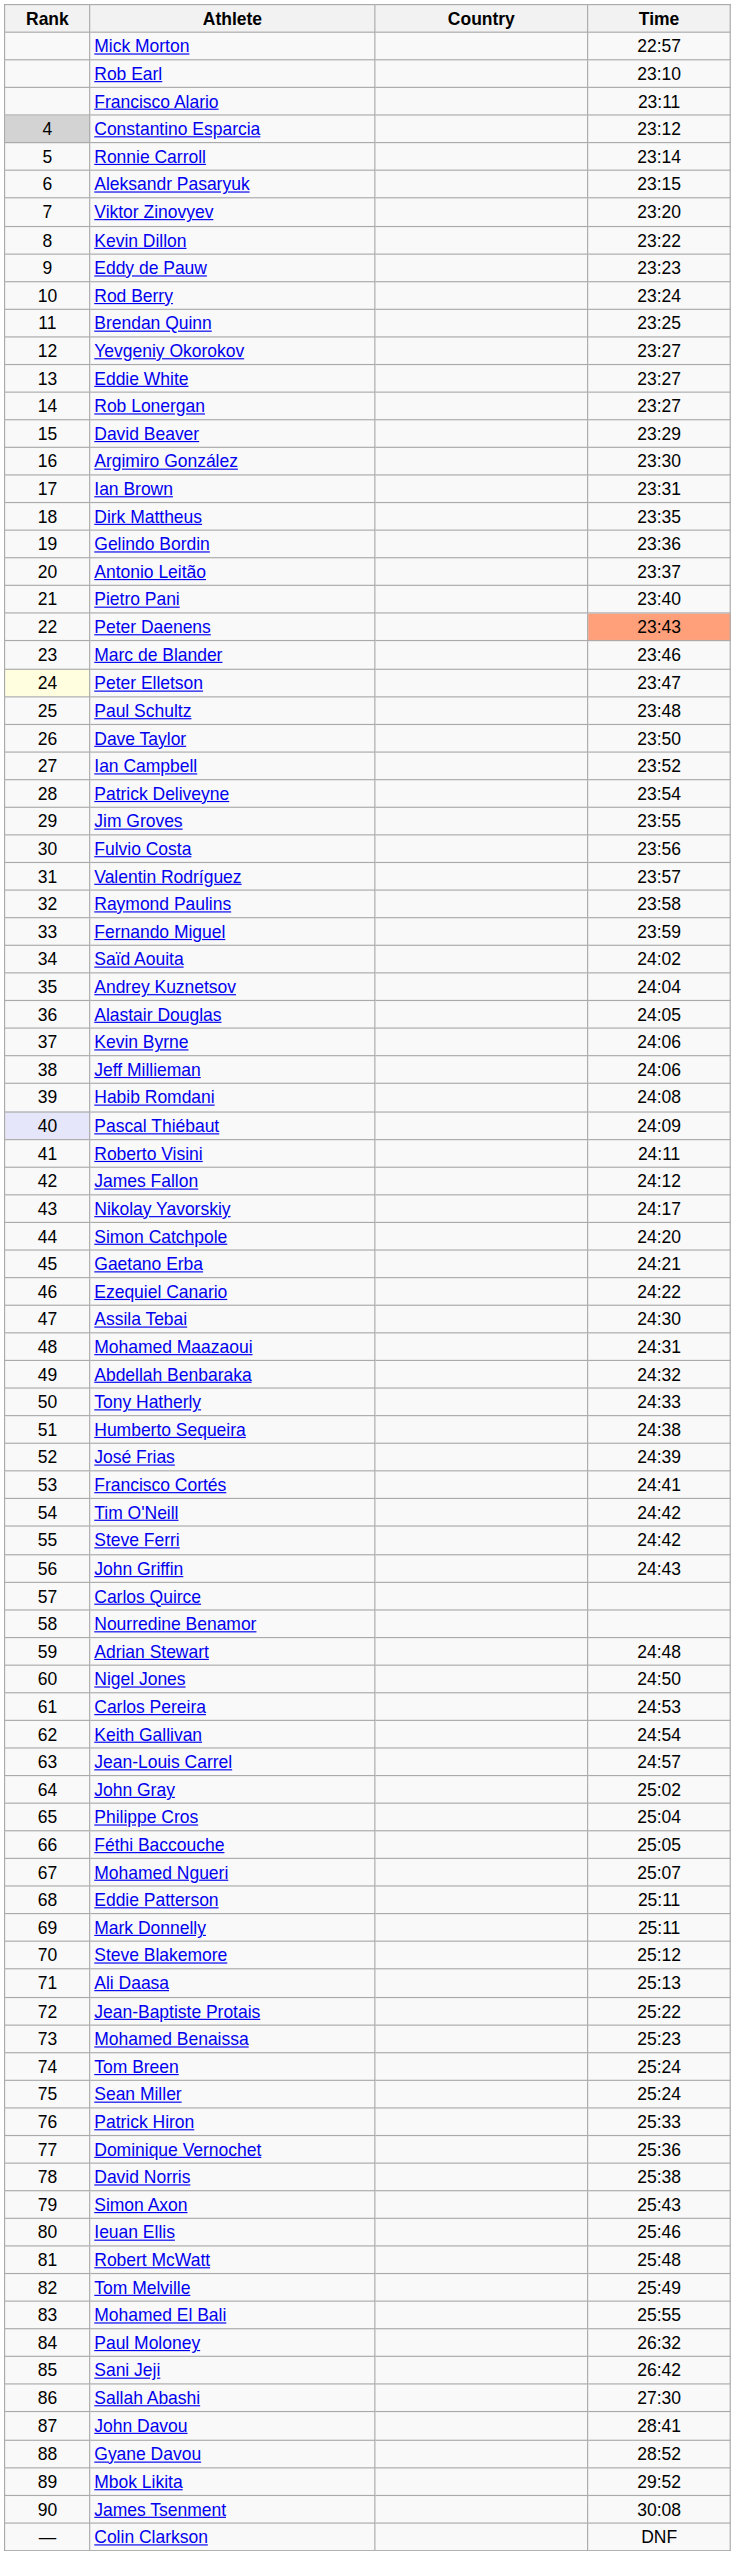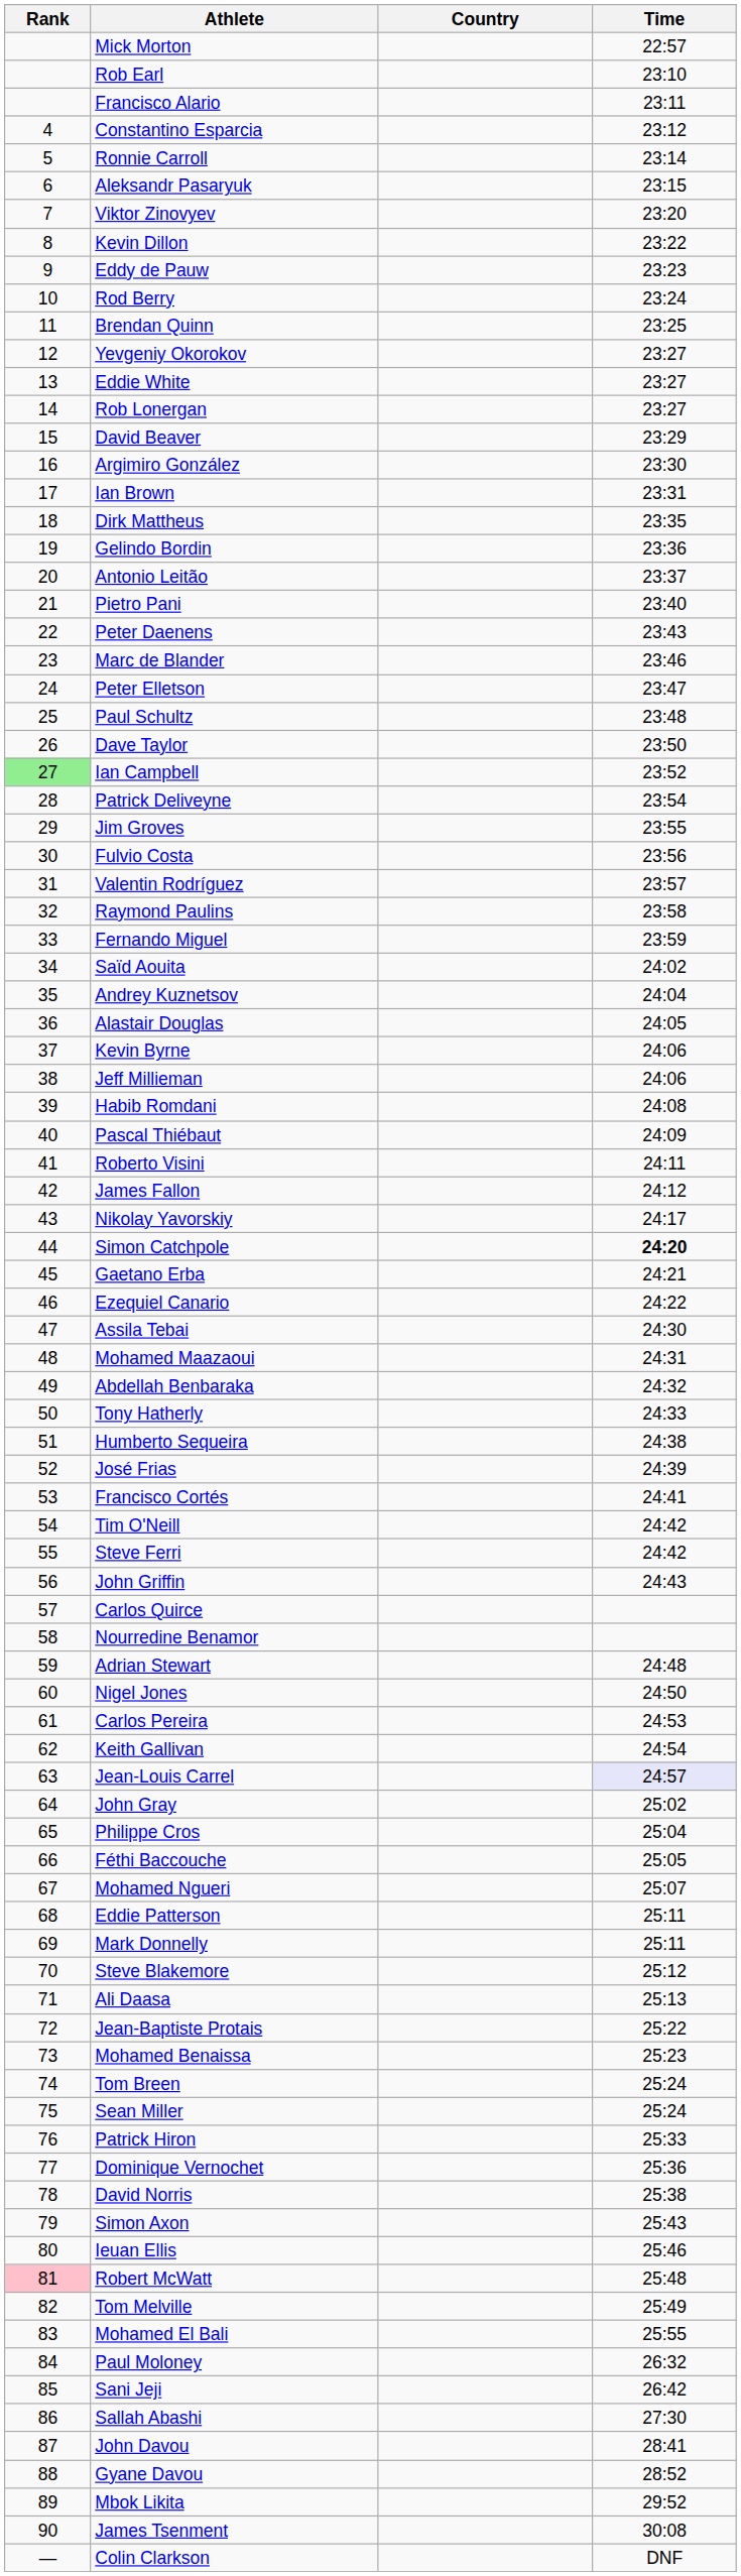 <table class="wikitable sortable" style=" text-align:center; font-size:95%;" width="50%">
 <tr>
 <th width=5%>Rank</th>
 <th width=20%>Athlete</th>
 <th width=15%>Country</th>
 <th width=10%>Time</th>
 </tr>
 <tr>
 <td align=center></td>
 <td align=left><a href='#'>Mick Morton</a></td>
 <td align=left></td>
 <td>22:57</td>
 </tr>
 <tr>
 <td align=center></td>
 <td align=left><a href='#'>Rob Earl</a></td>
 <td align=left></td>
 <td>23:10</td>
 </tr>
 <tr>
 <td align=center></td>
 <td align=left><a href='#'>Francisco Alario</a></td>
 <td align=left></td>
 <td>23:11</td>
 </tr>
 <tr>
-<td align=center style="background: lightgrey;">4</td>
+<td align=center>4</td>
 <td align=left><a href='#'>Constantino Esparcia</a></td>
 <td align=left></td>
 <td>23:12</td>
 </tr>
 <tr>
 <td align=center>5</td>
 <td align=left><a href='#'>Ronnie Carroll</a></td>
 <td align=left></td>
 <td>23:14</td>
 </tr>
 <tr>
 <td align=center>6</td>
 <td align=left><a href='#'>Aleksandr Pasaryuk</a></td>
 <td align=left></td>
 <td>23:15</td>
 </tr>
 <tr>
 <td align=center>7</td>
 <td align=left><a href='#'>Viktor Zinovyev</a></td>
 <td align=left></td>
 <td>23:20</td>
 </tr>
 <tr>
 <td align=center>8</td>
 <td align=left><a href='#'>Kevin Dillon</a></td>
 <td align=left></td>
 <td>23:22</td>
 </tr>
 <tr>
 <td align=center>9</td>
 <td align=left><a href='#'>Eddy de Pauw</a></td>
 <td align=left></td>
 <td>23:23</td>
 </tr>
 <tr>
 <td align=center>10</td>
 <td align=left><a href='#'>Rod Berry</a></td>
 <td align=left></td>
 <td>23:24</td>
 </tr>
 <tr>
 <td align=center>11</td>
 <td align=left><a href='#'>Brendan Quinn</a></td>
 <td align=left></td>
 <td>23:25</td>
 </tr>
 <tr>
 <td align=center>12</td>
 <td align=left><a href='#'>Yevgeniy Okorokov</a></td>
 <td align=left></td>
 <td>23:27</td>
 </tr>
 <tr>
 <td align=center>13</td>
 <td align=left><a href='#'>Eddie White</a></td>
 <td align=left></td>
 <td>23:27</td>
 </tr>
 <tr>
 <td align=center>14</td>
 <td align=left><a href='#'>Rob Lonergan</a></td>
 <td align=left></td>
 <td>23:27</td>
 </tr>
 <tr>
 <td align=center>15</td>
 <td align=left><a href='#'>David Beaver</a></td>
 <td align=left></td>
 <td>23:29</td>
 </tr>
 <tr>
 <td align=center>16</td>
 <td align=left><a href='#'>Argimiro González</a></td>
 <td align=left></td>
 <td>23:30</td>
 </tr>
 <tr>
 <td align=center>17</td>
 <td align=left><a href='#'>Ian Brown</a></td>
 <td align=left></td>
 <td>23:31</td>
 </tr>
 <tr>
 <td align=center>18</td>
 <td align=left><a href='#'>Dirk Mattheus</a></td>
 <td align=left></td>
 <td>23:35</td>
 </tr>
 <tr>
 <td align=center>19</td>
 <td align=left><a href='#'>Gelindo Bordin</a></td>
 <td align=left></td>
 <td>23:36</td>
 </tr>
 <tr>
 <td align=center>20</td>
 <td align=left><a href='#'>Antonio Leitão</a></td>
 <td align=left></td>
 <td>23:37</td>
 </tr>
 <tr>
 <td align=center>21</td>
 <td align=left><a href='#'>Pietro Pani</a></td>
 <td align=left></td>
 <td>23:40</td>
 </tr>
 <tr>
 <td align=center>22</td>
 <td align=left><a href='#'>Peter Daenens</a></td>
 <td align=left></td>
-<td style="background: lightsalmon;">23:43</td>
+<td>23:43</td>
 </tr>
 <tr>
 <td align=center>23</td>
 <td align=left><a href='#'>Marc de Blander</a></td>
 <td align=left></td>
 <td>23:46</td>
 </tr>
 <tr>
-<td align=center style="background: lightyellow;">24</td>
+<td align=center>24</td>
 <td align=left><a href='#'>Peter Elletson</a></td>
 <td align=left></td>
 <td>23:47</td>
 </tr>
 <tr>
 <td align=center>25</td>
 <td align=left><a href='#'>Paul Schultz</a></td>
 <td align=left></td>
 <td>23:48</td>
 </tr>
 <tr>
 <td align=center>26</td>
 <td align=left><a href='#'>Dave Taylor</a></td>
 <td align=left></td>
 <td>23:50</td>
 </tr>
 <tr>
-<td align=center>27</td>
+<td align=center style="background: lightgreen;">27</td>
 <td align=left><a href='#'>Ian Campbell</a></td>
 <td align=left></td>
 <td>23:52</td>
 </tr>
 <tr>
 <td align=center>28</td>
 <td align=left><a href='#'>Patrick Deliveyne</a></td>
 <td align=left></td>
 <td>23:54</td>
 </tr>
 <tr>
 <td align=center>29</td>
 <td align=left><a href='#'>Jim Groves</a></td>
 <td align=left></td>
 <td>23:55</td>
 </tr>
 <tr>
 <td align=center>30</td>
 <td align=left><a href='#'>Fulvio Costa</a></td>
 <td align=left></td>
 <td>23:56</td>
 </tr>
 <tr>
 <td align=center>31</td>
 <td align=left><a href='#'>Valentin Rodríguez</a></td>
 <td align=left></td>
 <td>23:57</td>
 </tr>
 <tr>
 <td align=center>32</td>
 <td align=left><a href='#'>Raymond Paulins</a></td>
 <td align=left></td>
 <td>23:58</td>
 </tr>
 <tr>
 <td align=center>33</td>
 <td align=left><a href='#'>Fernando Miguel</a></td>
 <td align=left></td>
 <td>23:59</td>
 </tr>
 <tr>
 <td align=center>34</td>
 <td align=left><a href='#'>Saïd Aouita</a></td>
 <td align=left></td>
 <td>24:02</td>
 </tr>
 <tr>
 <td align=center>35</td>
 <td align=left><a href='#'>Andrey Kuznetsov</a></td>
 <td align=left></td>
 <td>24:04</td>
 </tr>
 <tr>
 <td align=center>36</td>
 <td align=left><a href='#'>Alastair Douglas</a></td>
 <td align=left></td>
 <td>24:05</td>
 </tr>
 <tr>
 <td align=center>37</td>
 <td align=left><a href='#'>Kevin Byrne</a></td>
 <td align=left></td>
 <td>24:06</td>
 </tr>
 <tr>
 <td align=center>38</td>
 <td align=left><a href='#'>Jeff Millieman</a></td>
 <td align=left></td>
 <td>24:06</td>
 </tr>
 <tr>
 <td align=center>39</td>
 <td align=left><a href='#'>Habib Romdani</a></td>
 <td align=left></td>
 <td>24:08</td>
 </tr>
 <tr>
-<td align=center style="background: lavender;">40</td>
+<td align=center>40</td>
 <td align=left><a href='#'>Pascal Thiébaut</a></td>
 <td align=left></td>
 <td>24:09</td>
 </tr>
 <tr>
 <td align=center>41</td>
 <td align=left><a href='#'>Roberto Visini</a></td>
 <td align=left></td>
 <td>24:11</td>
 </tr>
 <tr>
 <td align=center>42</td>
 <td align=left><a href='#'>James Fallon</a></td>
 <td align=left></td>
 <td>24:12</td>
 </tr>
 <tr>
 <td align=center>43</td>
 <td align=left><a href='#'>Nikolay Yavorskiy</a></td>
 <td align=left></td>
 <td>24:17</td>
 </tr>
 <tr>
 <td align=center>44</td>
 <td align=left><a href='#'>Simon Catchpole</a></td>
 <td align=left></td>
-<td>24:20</td>
+<td><strong>24:20</strong></td>
 </tr>
 <tr>
 <td align=center>45</td>
 <td align=left><a href='#'>Gaetano Erba</a></td>
 <td align=left></td>
 <td>24:21</td>
 </tr>
 <tr>
 <td align=center>46</td>
 <td align=left><a href='#'>Ezequiel Canario</a></td>
 <td align=left></td>
 <td>24:22</td>
 </tr>
 <tr>
 <td align=center>47</td>
 <td align=left><a href='#'>Assila Tebai</a></td>
 <td align=left></td>
 <td>24:30</td>
 </tr>
 <tr>
 <td align=center>48</td>
 <td align=left><a href='#'>Mohamed Maazaoui</a></td>
 <td align=left></td>
 <td>24:31</td>
 </tr>
 <tr>
 <td align=center>49</td>
 <td align=left><a href='#'>Abdellah Benbaraka</a></td>
 <td align=left></td>
 <td>24:32</td>
 </tr>
 <tr>
 <td align=center>50</td>
 <td align=left><a href='#'>Tony Hatherly</a></td>
 <td align=left></td>
 <td>24:33</td>
 </tr>
 <tr>
 <td align=center>51</td>
 <td align=left><a href='#'>Humberto Sequeira</a></td>
 <td align=left></td>
 <td>24:38</td>
 </tr>
 <tr>
 <td align=center>52</td>
 <td align=left><a href='#'>José Frias</a></td>
 <td align=left></td>
 <td>24:39</td>
 </tr>
 <tr>
 <td align=center>53</td>
 <td align=left><a href='#'>Francisco Cortés</a></td>
 <td align=left></td>
 <td>24:41</td>
 </tr>
 <tr>
 <td align=center>54</td>
 <td align=left><a href='#'>Tim O'Neill</a></td>
 <td align=left></td>
 <td>24:42</td>
 </tr>
 <tr>
 <td align=center>55</td>
 <td align=left><a href='#'>Steve Ferri</a></td>
 <td align=left></td>
 <td>24:42</td>
 </tr>
 <tr>
 <td align=center>56</td>
 <td align=left><a href='#'>John Griffin</a></td>
 <td align=left></td>
 <td>24:43</td>
 </tr>
 <tr>
 <td align=center>57</td>
 <td align=left><a href='#'>Carlos Quirce</a></td>
 <td align=left></td>
 <td></td>
 </tr>
 <tr>
 <td align=center>58</td>
 <td align=left><a href='#'>Nourredine Benamor</a></td>
 <td align=left></td>
 <td></td>
 </tr>
 <tr>
 <td align=center>59</td>
 <td align=left><a href='#'>Adrian Stewart</a></td>
 <td align=left></td>
 <td>24:48</td>
 </tr>
 <tr>
 <td align=center>60</td>
 <td align=left><a href='#'>Nigel Jones</a></td>
 <td align=left></td>
 <td>24:50</td>
 </tr>
 <tr>
 <td align=center>61</td>
 <td align=left><a href='#'>Carlos Pereira</a></td>
 <td align=left></td>
 <td>24:53</td>
 </tr>
 <tr>
 <td align=center>62</td>
 <td align=left><a href='#'>Keith Gallivan</a></td>
 <td align=left></td>
 <td>24:54</td>
 </tr>
 <tr>
 <td align=center>63</td>
 <td align=left><a href='#'>Jean-Louis Carrel</a></td>
 <td align=left></td>
-<td>24:57</td>
+<td style="background: lavender;">24:57</td>
 </tr>
 <tr>
 <td align=center>64</td>
 <td align=left><a href='#'>John Gray</a></td>
 <td align=left></td>
 <td>25:02</td>
 </tr>
 <tr>
 <td align=center>65</td>
 <td align=left><a href='#'>Philippe Cros</a></td>
 <td align=left></td>
 <td>25:04</td>
 </tr>
 <tr>
 <td align=center>66</td>
 <td align=left><a href='#'>Féthi Baccouche</a></td>
 <td align=left></td>
 <td>25:05</td>
 </tr>
 <tr>
 <td align=center>67</td>
 <td align=left><a href='#'>Mohamed Ngueri</a></td>
 <td align=left></td>
 <td>25:07</td>
 </tr>
 <tr>
 <td align=center>68</td>
 <td align=left><a href='#'>Eddie Patterson</a></td>
 <td align=left></td>
 <td>25:11</td>
 </tr>
 <tr>
 <td align=center>69</td>
 <td align=left><a href='#'>Mark Donnelly</a></td>
 <td align=left></td>
 <td>25:11</td>
 </tr>
 <tr>
 <td align=center>70</td>
 <td align=left><a href='#'>Steve Blakemore</a></td>
 <td align=left></td>
 <td>25:12</td>
 </tr>
 <tr>
 <td align=center>71</td>
 <td align=left><a href='#'>Ali Daasa</a></td>
 <td align=left></td>
 <td>25:13</td>
 </tr>
 <tr>
 <td align=center>72</td>
 <td align=left><a href='#'>Jean-Baptiste Protais</a></td>
 <td align=left></td>
 <td>25:22</td>
 </tr>
 <tr>
 <td align=center>73</td>
 <td align=left><a href='#'>Mohamed Benaissa</a></td>
 <td align=left></td>
 <td>25:23</td>
 </tr>
 <tr>
 <td align=center>74</td>
 <td align=left><a href='#'>Tom Breen</a></td>
 <td align=left></td>
 <td>25:24</td>
 </tr>
 <tr>
 <td align=center>75</td>
 <td align=left><a href='#'>Sean Miller</a></td>
 <td align=left></td>
 <td>25:24</td>
 </tr>
 <tr>
 <td align=center>76</td>
 <td align=left><a href='#'>Patrick Hiron</a></td>
 <td align=left></td>
 <td>25:33</td>
 </tr>
 <tr>
 <td align=center>77</td>
 <td align=left><a href='#'>Dominique Vernochet</a></td>
 <td align=left></td>
 <td>25:36</td>
 </tr>
 <tr>
 <td align=center>78</td>
 <td align=left><a href='#'>David Norris</a></td>
 <td align=left></td>
 <td>25:38</td>
 </tr>
 <tr>
 <td align=center>79</td>
 <td align=left><a href='#'>Simon Axon</a></td>
 <td align=left></td>
 <td>25:43</td>
 </tr>
 <tr>
 <td align=center>80</td>
 <td align=left><a href='#'>Ieuan Ellis</a></td>
 <td align=left></td>
 <td>25:46</td>
 </tr>
 <tr>
-<td align=center>81</td>
+<td align=center style="background: pink;">81</td>
 <td align=left><a href='#'>Robert McWatt</a></td>
 <td align=left></td>
 <td>25:48</td>
 </tr>
 <tr>
 <td align=center>82</td>
 <td align=left><a href='#'>Tom Melville</a></td>
 <td align=left></td>
 <td>25:49</td>
 </tr>
 <tr>
 <td align=center>83</td>
 <td align=left><a href='#'>Mohamed El Bali</a></td>
 <td align=left></td>
 <td>25:55</td>
 </tr>
 <tr>
 <td align=center>84</td>
 <td align=left><a href='#'>Paul Moloney</a></td>
 <td align=left></td>
 <td>26:32</td>
 </tr>
 <tr>
 <td align=center>85</td>
 <td align=left><a href='#'>Sani Jeji</a></td>
 <td align=left></td>
 <td>26:42</td>
 </tr>
 <tr>
 <td align=center>86</td>
 <td align=left><a href='#'>Sallah Abashi</a></td>
 <td align=left></td>
 <td>27:30</td>
 </tr>
 <tr>
 <td align=center>87</td>
 <td align=left><a href='#'>John Davou</a></td>
 <td align=left></td>
 <td>28:41</td>
 </tr>
 <tr>
 <td align=center>88</td>
 <td align=left><a href='#'>Gyane Davou</a></td>
 <td align=left></td>
 <td>28:52</td>
 </tr>
 <tr>
 <td align=center>89</td>
 <td align=left><a href='#'>Mbok Likita</a></td>
 <td align=left></td>
 <td>29:52</td>
 </tr>
 <tr>
 <td align=center>90</td>
 <td align=left><a href='#'>James Tsenment</a></td>
 <td align=left></td>
 <td>30:08</td>
 </tr>
 <tr>
 <td align=center>—</td>
 <td align=left><a href='#'>Colin Clarkson</a></td>
 <td align=left></td>
 <td>DNF</td>
 </tr>
 </table>
